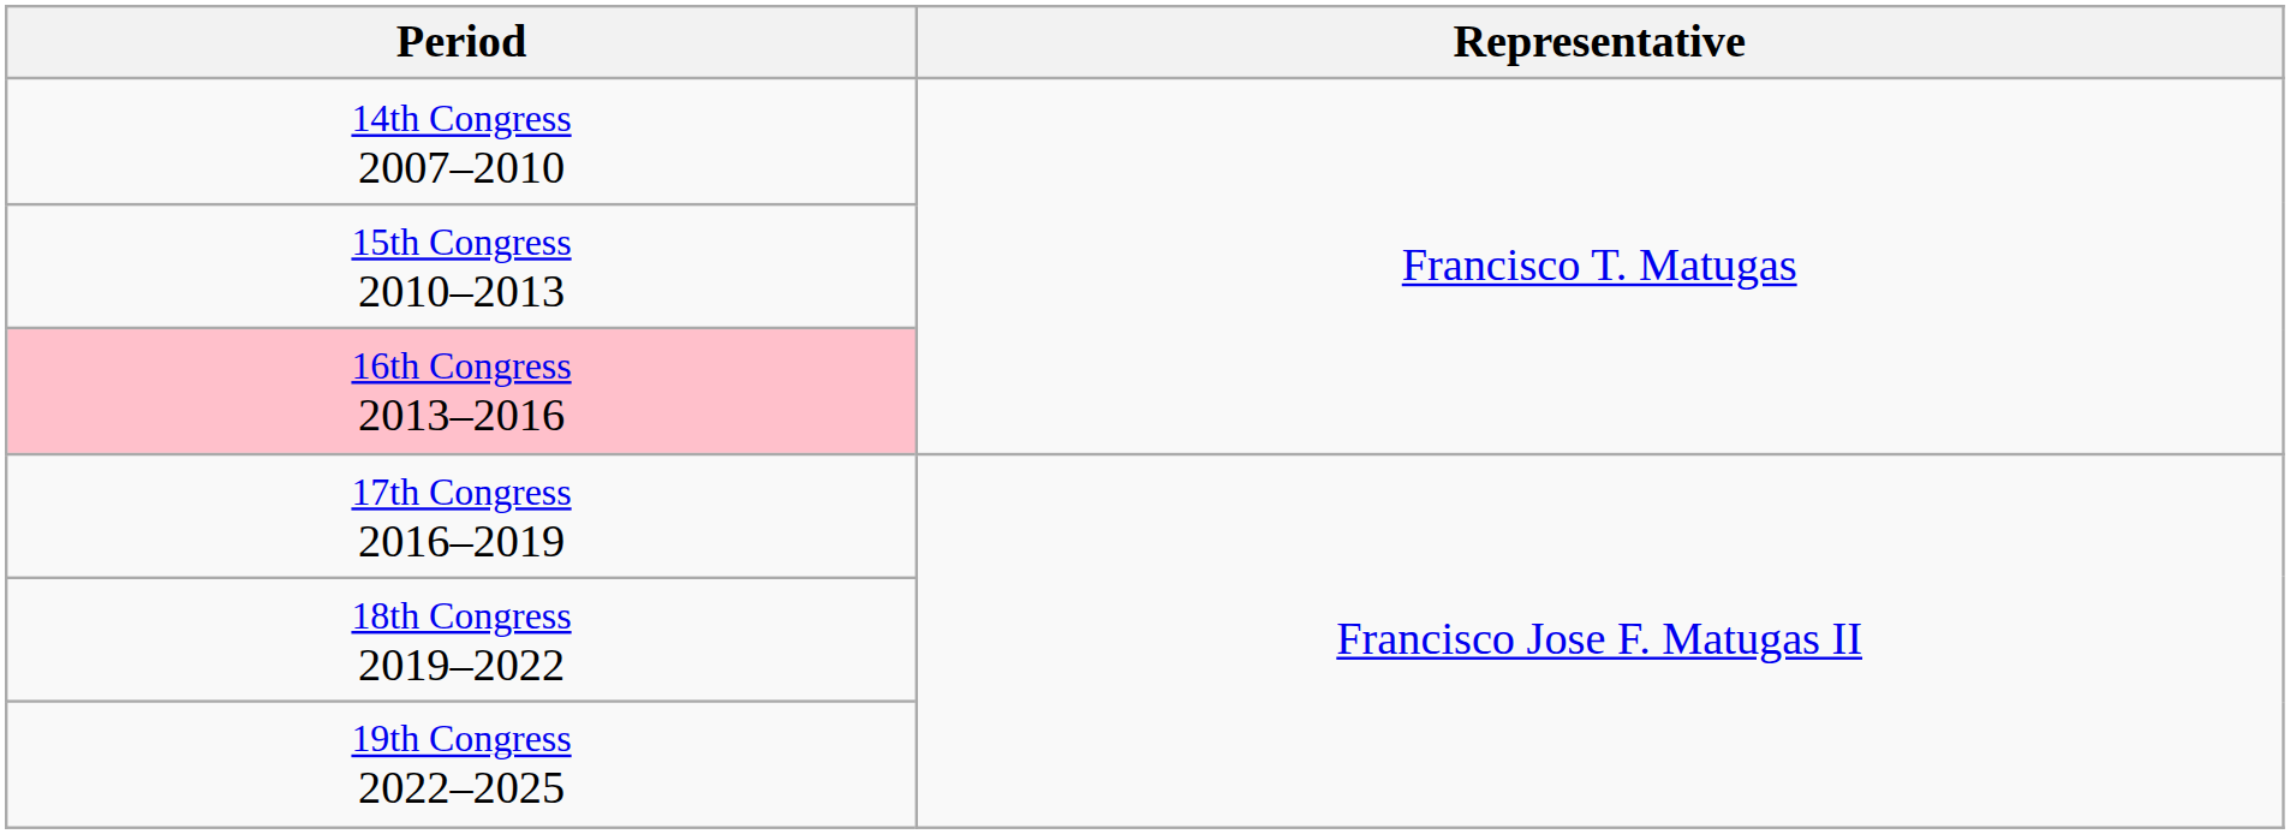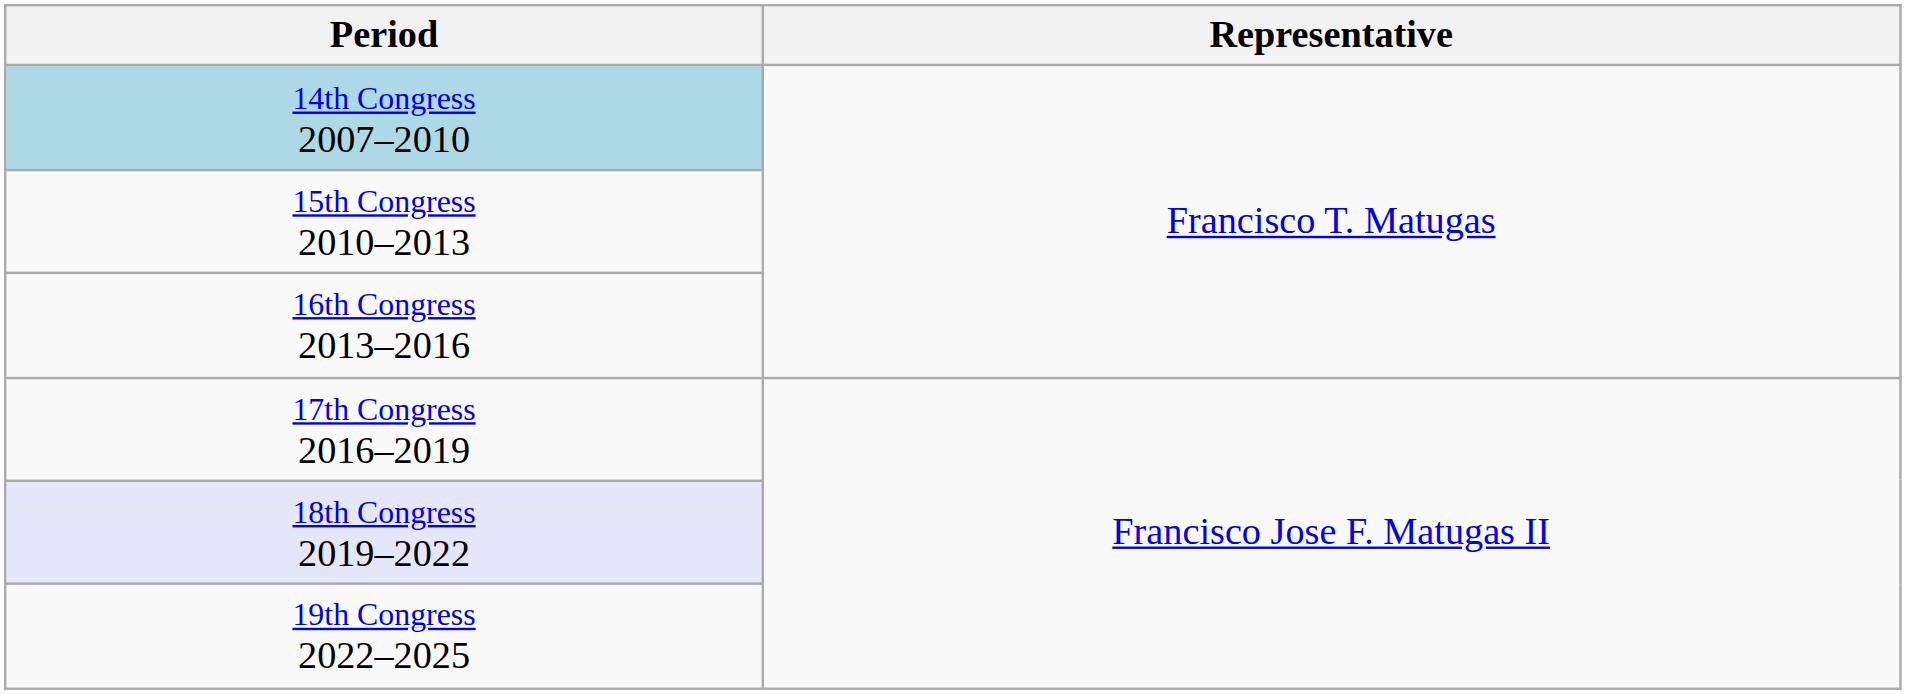 <table class="wikitable" style="text-align:center; width:40%;">
 <tr>
 <th width="40%">Period</th>
 <th>Representative</th>
 </tr>
 <tr>
-<td><small><a href='#'>14th Congress</a></small><br>2007–2010</td>
+<td style="background: lightblue;"><small><a href='#'>14th Congress</a></small><br>2007–2010</td>
 <td rowspan="3"><a href='#'>Francisco T. Matugas</a></td>
 </tr>
 <tr>
 <td><small><a href='#'>15th Congress</a></small><br>2010–2013</td>
 </tr>
 <tr>
-<td style="background: pink;"><small><a href='#'>16th Congress</a></small><br>2013–2016</td>
+<td><small><a href='#'>16th Congress</a></small><br>2013–2016</td>
 </tr>
 <tr>
 <td><small><a href='#'>17th Congress</a></small><br>2016–2019</td>
 <td rowspan="3"><a href='#'>Francisco Jose F. Matugas II</a></td>
 </tr>
 <tr>
-<td><small><a href='#'>18th Congress</a></small><br>2019–2022</td>
+<td style="background: lavender;"><small><a href='#'>18th Congress</a></small><br>2019–2022</td>
 </tr>
 <tr>
 <td><small><a href='#'>19th Congress</a></small><br>2022–2025</td>
 </tr>
 </table>
